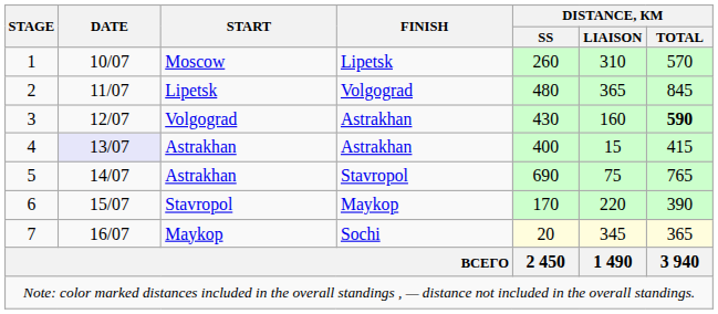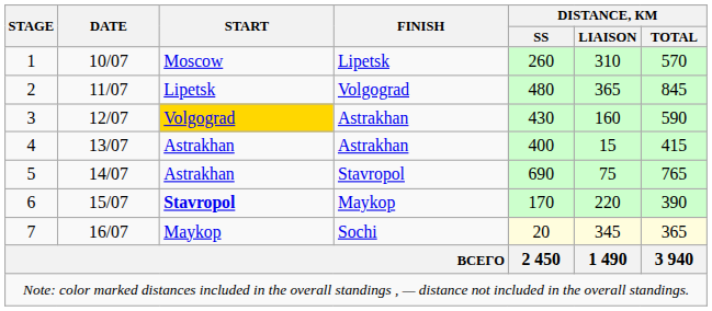 <table class="wikitable" style="text-align: center; font-size: 90%;">
 <tr style="font-size: 80%;">
 <th rowspan="2">STAGE</th>
 <th rowspan="2" width="80px">DATE</th>
 <th rowspan="2" width="140px">START</th>
 <th rowspan="2" width="140px">FINISH</th>
 <th colspan="3">DISTANCE, КМ</th>
 </tr>
 <tr style="font-size: 80%;">
 <th width="50px">SS</th>
 <th width="50px">LIAISON</th>
 <th width="50px">TOTAL</th>
 </tr>
 <tr>
 <td>1</td>
 <td>10/07</td>
 <td align="left"> <a href='#'>Moscow</a></td>
 <td align="left"> <a href='#'>Lipetsk</a></td>
 <td bgcolor="#ccffcc">260</td>
 <td bgcolor="#ccffcc">310</td>
 <td bgcolor="#ccffcc">570</td>
 </tr>
 <tr>
 <td>2</td>
 <td>11/07</td>
 <td align="left"> <a href='#'>Lipetsk</a></td>
 <td align="left"> <a href='#'>Volgograd</a></td>
 <td bgcolor="#ccffcc">480</td>
 <td bgcolor="#ccffcc">365</td>
 <td bgcolor="#ccffcc">845</td>
 </tr>
 <tr>
 <td>3</td>
 <td>12/07</td>
-<td align="left"> <a href='#'>Volgograd</a></td>
+<td align="left" style="background: gold;"> <a href='#'>Volgograd</a></td>
 <td align="left"> <a href='#'>Astrakhan</a></td>
 <td bgcolor="#ccffcc">430</td>
 <td bgcolor="#ccffcc">160</td>
-<td bgcolor="#ccffcc"><strong>590</strong></td>
+<td bgcolor="#ccffcc">590</td>
 </tr>
 <tr>
 <td>4</td>
-<td style="background: lavender;">13/07</td>
+<td>13/07</td>
 <td align="left"> <a href='#'>Astrakhan</a></td>
 <td align="left"> <a href='#'>Astrakhan</a></td>
 <td bgcolor="#ccffcc">400</td>
 <td bgcolor="#ccffcc">15</td>
 <td bgcolor="#ccffcc">415</td>
 </tr>
 <tr>
 <td>5</td>
 <td>14/07</td>
 <td align="left"> <a href='#'>Astrakhan</a></td>
 <td align="left"> <a href='#'>Stavropol</a></td>
 <td bgcolor="#ccffcc">690</td>
 <td bgcolor="#ccffcc">75</td>
 <td bgcolor="#ccffcc">765</td>
 </tr>
 <tr>
 <td>6</td>
 <td>15/07</td>
-<td align="left"> <a href='#'>Stavropol</a></td>
+<td align="left"><strong> <a href='#'>Stavropol</a></strong></td>
 <td align="left"> <a href='#'>Maykop</a></td>
 <td bgcolor="#ccffcc">170</td>
 <td bgcolor="#ccffcc">220</td>
 <td bgcolor="#ccffcc">390</td>
 </tr>
 <tr>
 <td>7</td>
 <td>16/07</td>
 <td align="left"> <a href='#'>Maykop</a></td>
 <td align="left"> <a href='#'>Sochi</a></td>
 <td bgcolor="#fffddd">20</td>
 <td bgcolor="#fffddd">345</td>
 <td bgcolor="#fffddd">365</td>
 </tr>
 <tr>
 <th colspan="4" style="font-size: 80%; text-align: right;">ВСЕГО</th>
 <th>2 450</th>
 <th>1 490</th>
 <th>3 940</th>
 </tr>
 <tr>
 <td colspan="7" style="font-size: 85%; line-height: 175%;"><em>Note:</em>  <em>color marked distances included in the overall standings ,</em>  <em> — distance not included in the overall standings.</em></td>
 </tr>
 </table>
